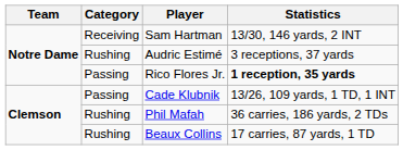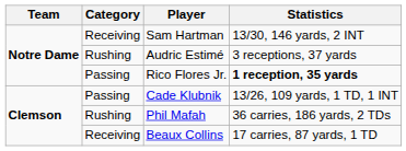 <table class="wikitable" style="float: right;">
 <tr>
 <th>Team</th>
 <th>Category</th>
 <th>Player</th>
 <th>Statistics</th>
 </tr>
 <tr>
 <td rowspan=3><strong>Notre Dame</strong></td>
 <td>Receiving</td>
 <td>Sam Hartman</td>
 <td>13/30, 146 yards, 2 INT</td>
 </tr>
 <tr>
 <td>Rushing</td>
 <td>Audric Estimé</td>
 <td>3 receptions, 37 yards</td>
 </tr>
 <tr>
 <td>Passing</td>
 <td>Rico Flores Jr.</td>
 <td><strong>1 reception, 35 yards</strong></td>
 </tr>
 <tr>
 <td rowspan=3><strong>Clemson</strong></td>
 <td>Passing</td>
 <td><a href='#'>Cade Klubnik</a></td>
 <td>13/26, 109 yards, 1 TD, 1 INT</td>
 </tr>
 <tr>
 <td>Rushing</td>
 <td><a href='#'>Phil Mafah</a></td>
 <td>36 carries, 186 yards, 2 TDs</td>
 </tr>
 <tr>
-<td>Rushing</td>
+<td>Receiving</td>
 <td><a href='#'>Beaux Collins</a></td>
 <td>17 carries, 87 yards, 1 TD</td>
 </tr>
 </table>
